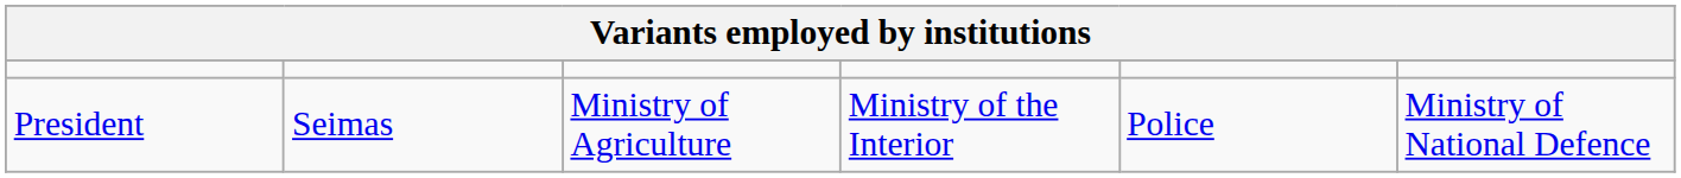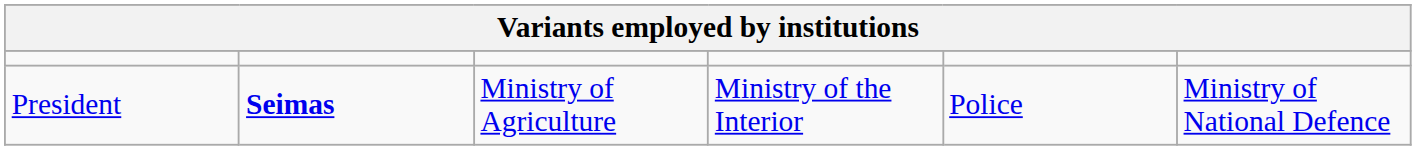 <table border="1" cellpadding="6" class="wikitable">
 <tr>
 <th colspan="6">Variants employed by institutions</th>
 </tr>
 <tr>
 <td width="120px"></td>
 <td width="120px"></td>
 <td width="120px"></td>
 <td width="120px"></td>
 <td width="120px"></td>
 <td width="120px"></td>
 </tr>
 <tr>
 <td><a href='#'>President</a></td>
-<td><a href='#'>Seimas</a></td>
+<td><strong><a href='#'>Seimas</a></strong></td>
 <td><a href='#'>Ministry of Agriculture</a></td>
 <td><a href='#'>Ministry of the Interior</a></td>
 <td><a href='#'>Police</a></td>
 <td><a href='#'>Ministry of National Defence</a></td>
 </tr>
 </table>
